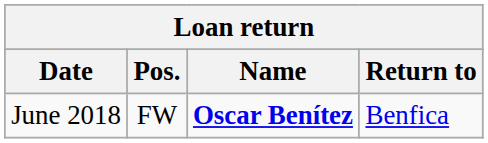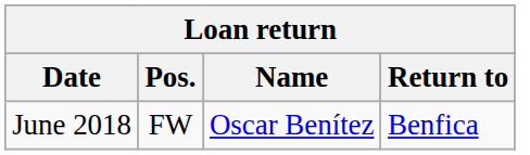 <table class="wikitable" style="font-size:95%;">
 <tr>
 <th colspan="5">Loan return</th>
 </tr>
 <tr>
 <th>Date</th>
 <th>Pos.</th>
 <th>Name</th>
 <th>Return to</th>
 </tr>
 <tr>
 <td>June 2018</td>
 <td align="center">FW</td>
-<td><strong> <a href='#'>Oscar Benítez</a></strong></td>
+<td> <a href='#'>Oscar Benítez</a></td>
 <td> <a href='#'>Benfica</a></td>
 </tr>
 </table>
